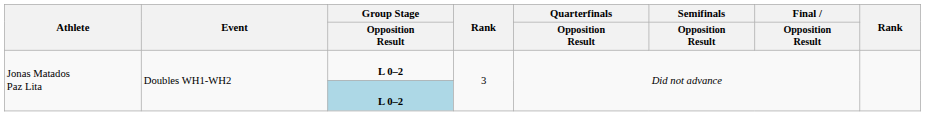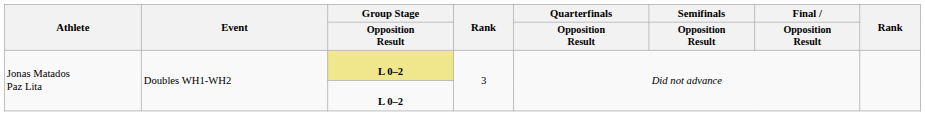 <table class="wikitable" width="98%" style="text-align:left; font-size:90%">
 <tr>
 <th rowspan="2">Athlete</th>
 <th rowspan="2">Event</th>
 <th>Group Stage</th>
 <th rowspan="2">Rank</th>
 <th>Quarterfinals</th>
 <th>Semifinals</th>
 <th>Final / </th>
 <th rowspan=2>Rank</th>
 </tr>
 <tr style="font-size:95%">
 <th>Opposition<br>Result</th>
 <th>Opposition<br>Result</th>
 <th>Opposition<br>Result</th>
 <th>Opposition<br>Result</th>
 </tr>
 <tr>
 <td rowspan=2>Jonas Matados<br>Paz Lita</td>
 <td rowspan=2>Doubles WH1-WH2</td>
-<td align=center><br><strong>L 0–2</strong></td>
+<td align=center style="background: khaki;"><br><strong>L 0–2</strong></td>
 <td rowspan=2 align=center>3</td>
 <td rowspan=2 align=center colspan=3><em>Did not advance</em></td>
 <td rowspan=2></td>
 </tr>
 <tr>
-<td align=center style="background: lightblue;"><br><strong>L 0–2</strong></td>
+<td align=center><br><strong>L 0–2</strong></td>
 </tr>
 </table>
